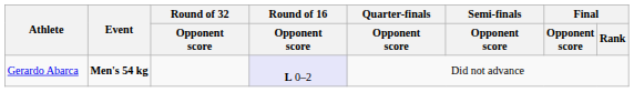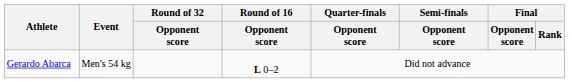 <table class="wikitable" style="font-size:90%; text-align:center">
 <tr>
 <th rowspan="2" width="100">Athlete</th>
 <th rowspan="2">Event</th>
 <th width="120">Round of 32</th>
 <th width="120">Round of 16</th>
 <th width="120">Quarter-finals</th>
 <th width="120">Semi-finals</th>
 <th colspan="2" width="100">Final</th>
 </tr>
 <tr>
 <th>Opponent<br>score</th>
 <th>Opponent<br>score</th>
 <th>Opponent<br>score</th>
 <th>Opponent<br>score</th>
 <th>Opponent<br>score</th>
 <th>Rank</th>
 </tr>
 <tr>
 <td align="left"><a href='#'>Gerardo Abarca</a></td>
-<td align="left"><strong>Men's 54 kg</strong></td>
+<td align="left">Men's 54 kg</td>
 <td></td>
-<td style="background: lavender;"><br><strong>L</strong> 0–2</td>
+<td><br><strong>L</strong> 0–2</td>
 <td colspan="5">Did not advance</td>
 </tr>
 </table>
